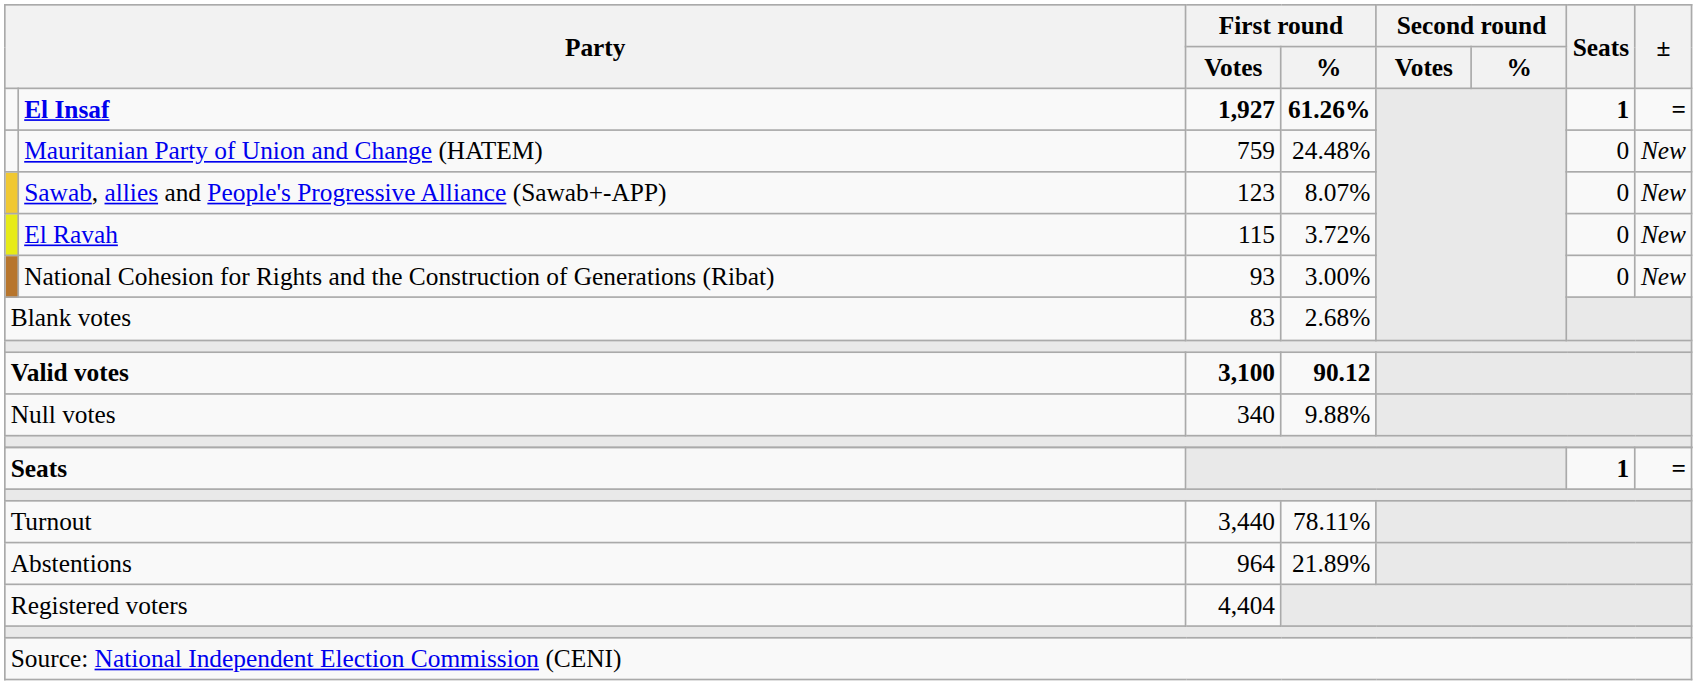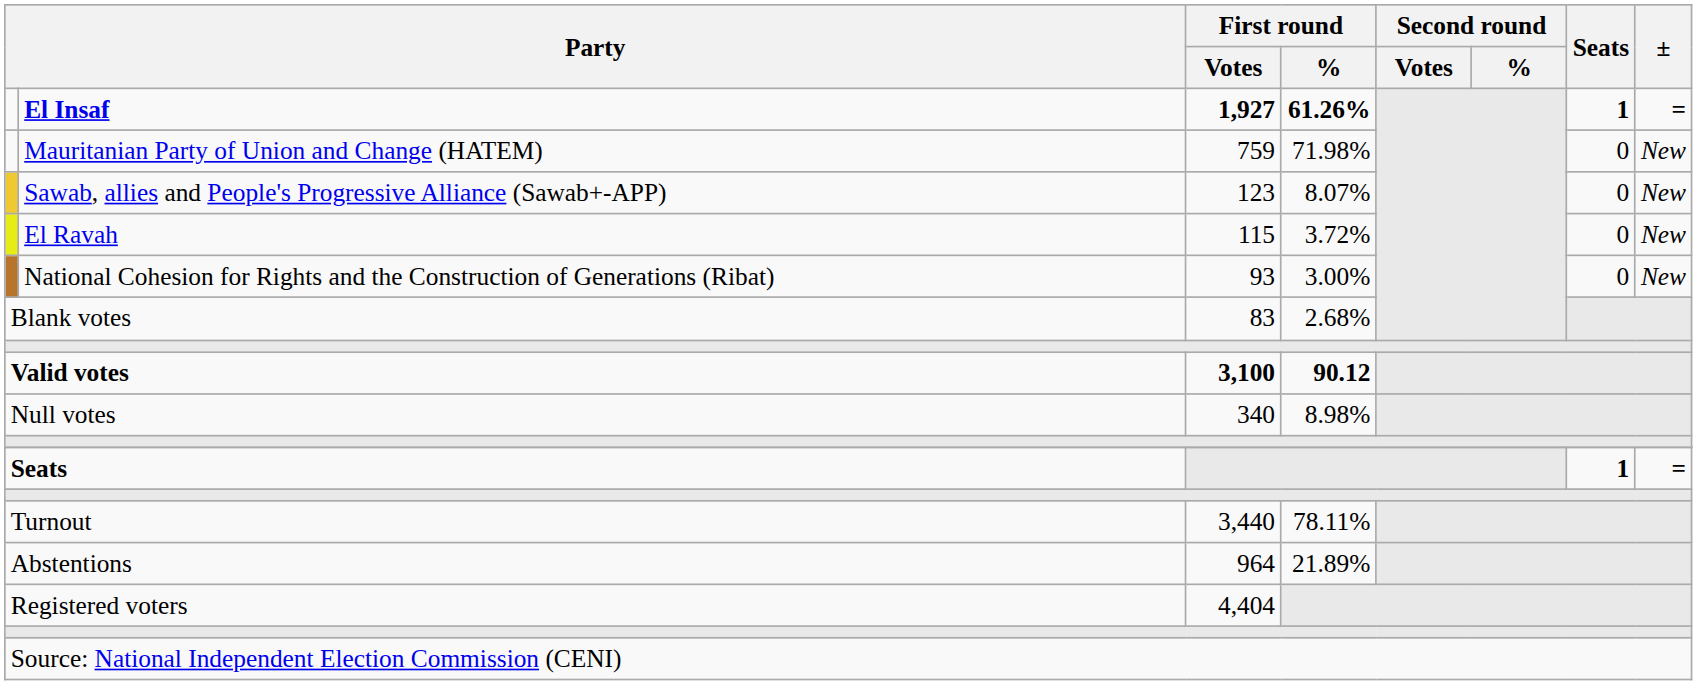 <table class="wikitable" style="text-align:right;font-size:95%;">
 <tr>
 <th rowspan="2" colspan="2" width="700">Party</th>
 <th colspan="2">First round</th>
 <th colspan="2">Second round</th>
 <th rowspan="2" width="25">Seats</th>
 <th rowspan="2" width="20">±</th>
 </tr>
 <tr>
 <th width="50">Votes</th>
 <th width="50">%</th>
 <th width="50">Votes</th>
 <th width="50">%</th>
 </tr>
 <tr>
 <td width="1" style="color:inherit;background:"></td>
 <td style="text-align:left;"><strong><a href='#'>El Insaf</a></strong></td>
 <td><strong>1,927</strong></td>
 <td><strong>61.26%</strong></td>
 <td colspan="2" rowspan="6" style="background:#E9E9E9;"></td>
 <td><strong>1</strong></td>
 <td><strong>=</strong></td>
 </tr>
 <tr>
 <td width="1" style="color:inherit;background:"></td>
 <td style="text-align:left;"><a href='#'>Mauritanian Party of Union and Change</a> (HATEM)</td>
 <td>759</td>
-<td>24.48%</td>
+<td>71.98%</td>
 <td>0</td>
 <td><em>New</em></td>
 </tr>
 <tr>
 <td width="1" style="color:inherit;background:#F0C832;"></td>
 <td style="text-align:left;"><a href='#'>Sawab</a>, <a href='#'>allies</a> and <a href='#'>People's Progressive Alliance</a> (Sawab+-APP)</td>
 <td>123</td>
 <td>8.07%</td>
 <td>0</td>
 <td><em>New</em></td>
 </tr>
 <tr>
 <td width="1" style="color:inherit;background:#E7EB16;"></td>
 <td style="text-align:left;"><a href='#'>El Ravah</a></td>
 <td>115</td>
 <td>3.72%</td>
 <td>0</td>
 <td><em>New</em></td>
 </tr>
 <tr>
 <td width="1" style="color:inherit;background:#B7752C;"></td>
 <td style="text-align:left;">National Cohesion for Rights and the Construction of Generations (Ribat)</td>
 <td>93</td>
 <td>3.00%</td>
 <td>0</td>
 <td><em>New</em></td>
 </tr>
 <tr>
 <td colspan="2" style="text-align:left;">Blank votes</td>
 <td>83</td>
 <td>2.68%</td>
 <td colspan="4" style="background:#E9E9E9;"></td>
 </tr>
 <tr>
 <td colspan="8" style="background:#E9E9E9;"></td>
 </tr>
 <tr style="font-weight:bold;">
 <td colspan="2" style="text-align:left;">Valid votes</td>
 <td>3,100</td>
 <td>90.12</td>
 <td colspan="4" style="background:#E9E9E9;"></td>
 </tr>
 <tr>
 <td colspan="2" style="text-align:left;">Null votes</td>
 <td>340</td>
-<td>9.88%</td>
+<td>8.98%</td>
 <td colspan="4" style="background:#E9E9E9;"></td>
 </tr>
 <tr>
 <td colspan="8" style="background:#E9E9E9;"></td>
 </tr>
 <tr>
 </tr>
 <tr style="font-weight:bold;">
 <td colspan="2" style="text-align:left;">Seats</td>
 <td colspan="4" style="background:#E9E9E9;"></td>
 <td>1</td>
 <td>=</td>
 </tr>
 <tr>
 <td colspan="8" style="background:#E9E9E9;"></td>
 </tr>
 <tr>
 <td colspan="2" style="text-align:left;">Turnout</td>
 <td>3,440</td>
 <td>78.11%</td>
 <td colspan="4" style="background:#E9E9E9;"></td>
 </tr>
 <tr>
 <td colspan="2" style="text-align:left;">Abstentions</td>
 <td>964</td>
 <td>21.89%</td>
 <td colspan="4" style="background:#E9E9E9;"></td>
 </tr>
 <tr>
 <td colspan="2" style="text-align:left;">Registered voters</td>
 <td>4,404</td>
 <td colspan="5" style="background:#E9E9E9;"></td>
 </tr>
 <tr>
 <td colspan="8" style="background:#E9E9E9;"></td>
 </tr>
 <tr>
 <td colspan="8" style="text-align:left;">Source: <a href='#'>National Independent Election Commission</a> (CENI)</td>
 </tr>
 </table>
